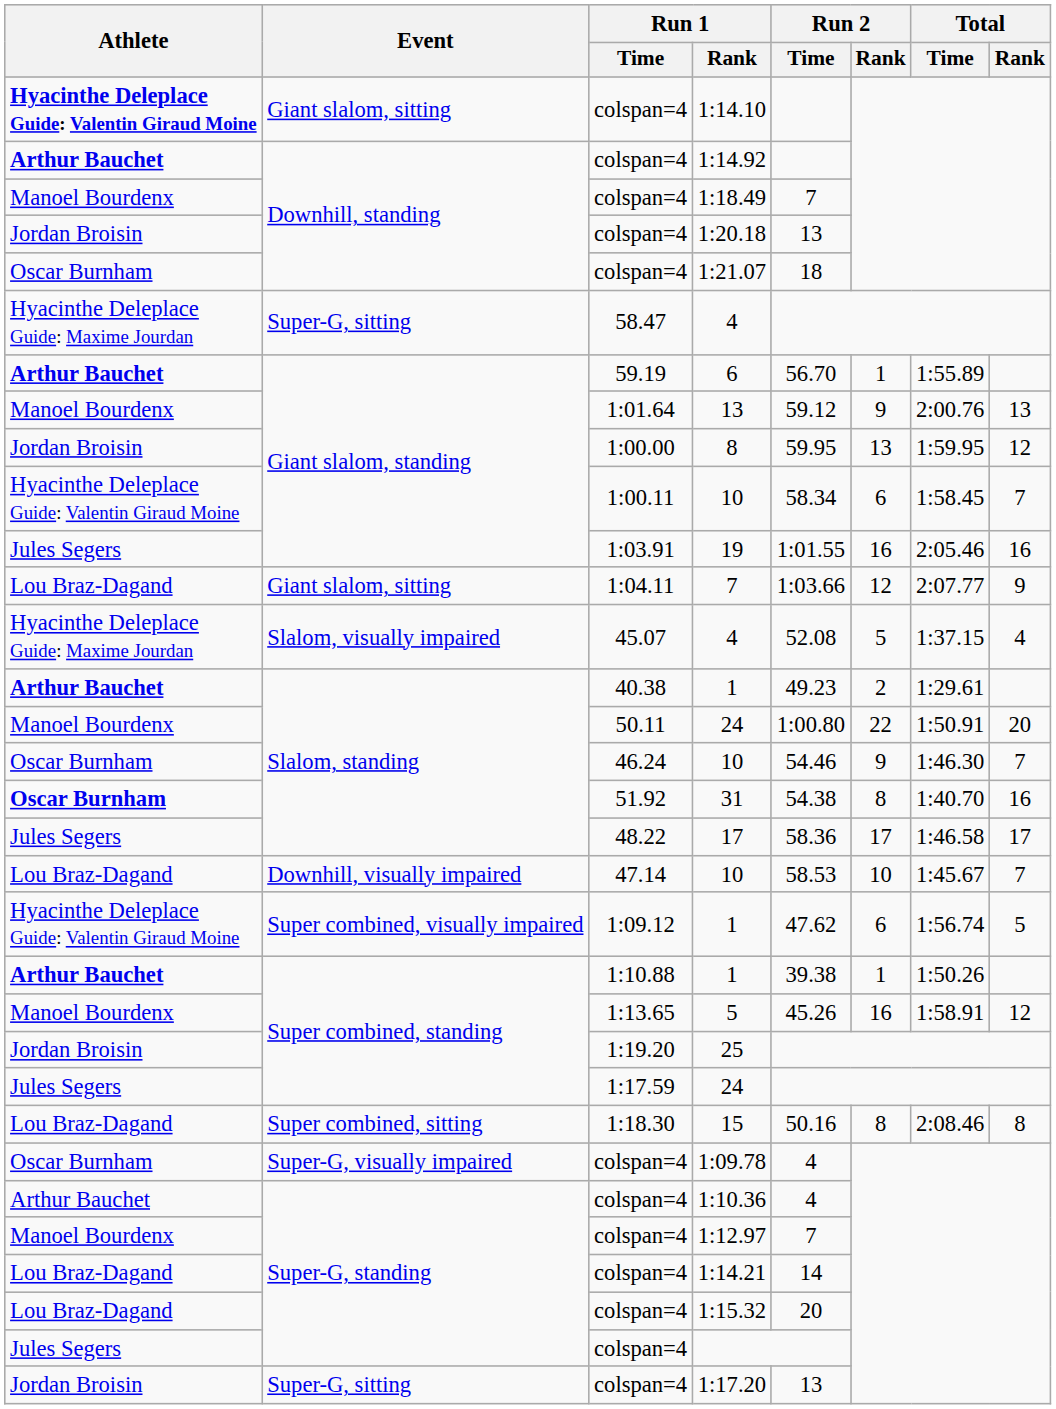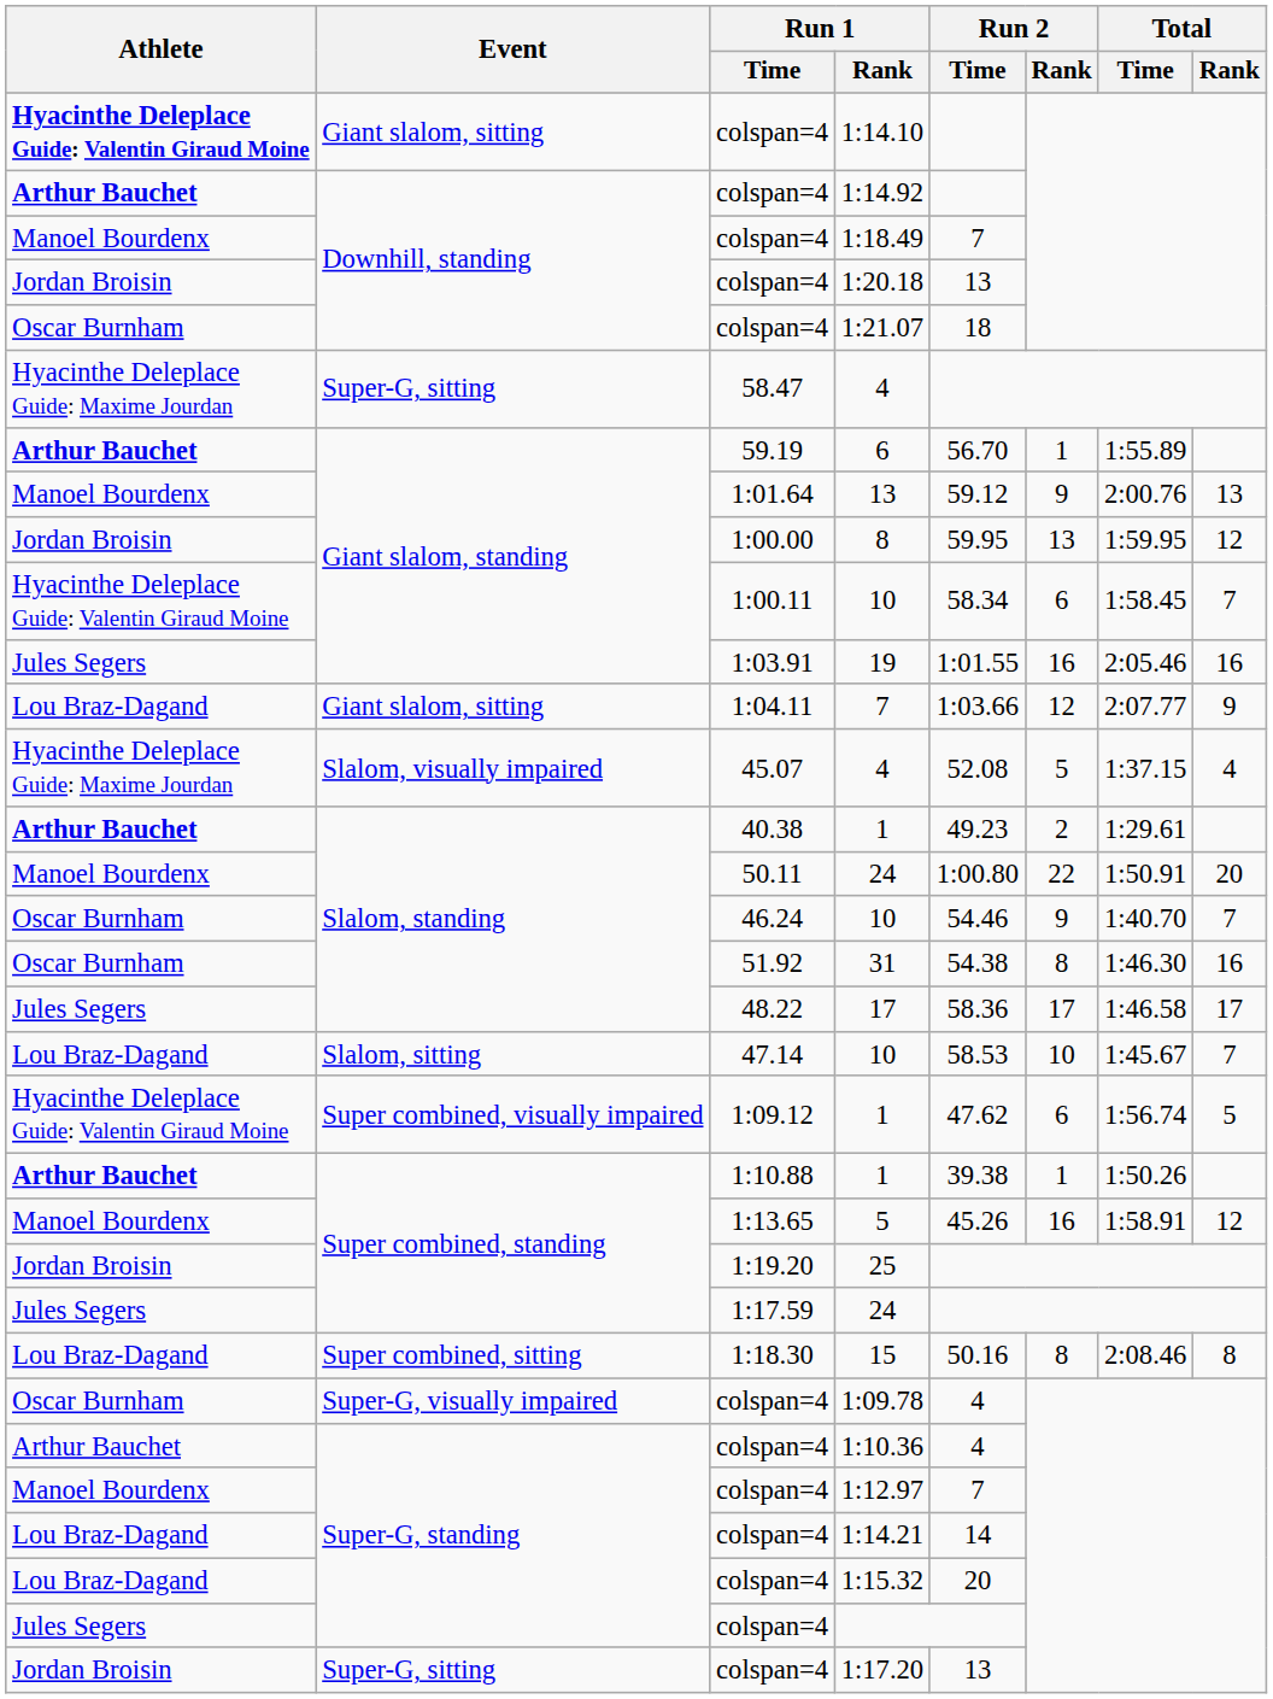 <table class="wikitable" style="font-size:90%">
 <tr>
 <th rowspan=2>Athlete</th>
 <th rowspan=2>Event</th>
 <th colspan=2>Run 1</th>
 <th colspan=2>Run 2</th>
 <th colspan=2>Total</th>
 </tr>
 <tr style="font-size:95%">
 <th>Time</th>
 <th>Rank</th>
 <th>Time</th>
 <th>Rank</th>
 <th>Time</th>
 <th>Rank</th>
 </tr>
 <tr align=center>
 <td align=left><strong><a href='#'>Hyacinthe Deleplace</a><br><small><a href='#'>Guide</a>: <a href='#'>Valentin Giraud Moine</a></small></strong></td>
 <td align=left><a href='#'>Giant slalom, sitting</a></td>
 <td>colspan=4 </td>
 <td>1:14.10</td>
 <td></td>
 </tr>
 <tr align=center>
 <td align=left><strong><a href='#'>Arthur Bauchet</a></strong></td>
 <td align=left rowspan=4><a href='#'>Downhill, standing</a></td>
 <td>colspan=4 </td>
 <td>1:14.92</td>
 <td></td>
 </tr>
 <tr align=center>
 <td align=left><a href='#'>Manoel Bourdenx</a></td>
 <td>colspan=4 </td>
 <td>1:18.49</td>
 <td>7</td>
 </tr>
 <tr align=center>
 <td align=left><a href='#'>Jordan Broisin</a></td>
 <td>colspan=4 </td>
 <td>1:20.18</td>
 <td>13</td>
 </tr>
 <tr align=center>
 <td align=left><a href='#'>Oscar Burnham</a></td>
 <td>colspan=4 </td>
 <td>1:21.07</td>
 <td>18</td>
 </tr>
 <tr align=center>
 <td align=left><a href='#'>Hyacinthe Deleplace</a><br><small><a href='#'>Guide</a>: <a href='#'>Maxime Jourdan</a></small></td>
 <td align=left><a href='#'>Super-G, sitting</a></td>
 <td>58.47</td>
 <td>4</td>
 <td colspan=4></td>
 </tr>
 <tr align=center>
 <td align=left><strong><a href='#'>Arthur Bauchet</a></strong></td>
 <td align=left rowspan=5><a href='#'>Giant slalom, standing</a></td>
 <td>59.19</td>
 <td>6</td>
 <td>56.70</td>
 <td>1</td>
 <td>1:55.89</td>
 <td></td>
 </tr>
 <tr align=center>
 <td align=left><a href='#'>Manoel Bourdenx</a></td>
 <td>1:01.64</td>
 <td>13</td>
 <td>59.12</td>
 <td>9</td>
 <td>2:00.76</td>
 <td>13</td>
 </tr>
 <tr align=center>
 <td align=left><a href='#'>Jordan Broisin</a></td>
 <td>1:00.00</td>
 <td>8</td>
 <td>59.95</td>
 <td>13</td>
 <td>1:59.95</td>
 <td>12</td>
 </tr>
 <tr align=center>
 <td align=left><a href='#'>Hyacinthe Deleplace</a><br><small><a href='#'>Guide</a>: <a href='#'>Valentin Giraud Moine</a></small></td>
 <td>1:00.11</td>
 <td>10</td>
 <td>58.34</td>
 <td>6</td>
 <td>1:58.45</td>
 <td>7</td>
 </tr>
 <tr align=center>
 <td align=left><a href='#'>Jules Segers</a></td>
 <td>1:03.91</td>
 <td>19</td>
 <td>1:01.55</td>
 <td>16</td>
 <td>2:05.46</td>
 <td>16</td>
 </tr>
 <tr align=center>
 <td align=left><a href='#'>Lou Braz-Dagand</a></td>
 <td align=left><a href='#'>Giant slalom, sitting</a></td>
 <td>1:04.11</td>
 <td>7</td>
 <td>1:03.66</td>
 <td>12</td>
 <td>2:07.77</td>
 <td>9</td>
 </tr>
 <tr align=center>
 <td align=left><a href='#'>Hyacinthe Deleplace</a><br><small><a href='#'>Guide</a>: <a href='#'>Maxime Jourdan</a></small></td>
 <td align=left><a href='#'>Slalom, visually impaired</a></td>
 <td>45.07</td>
 <td>4</td>
 <td>52.08</td>
 <td>5</td>
 <td>1:37.15</td>
 <td>4</td>
 </tr>
 <tr align=center>
 <td align=left><strong><a href='#'>Arthur Bauchet</a></strong></td>
 <td align=left rowspan=5><a href='#'>Slalom, standing</a></td>
 <td>40.38</td>
 <td>1</td>
 <td>49.23</td>
 <td>2</td>
 <td>1:29.61</td>
 <td></td>
 </tr>
 <tr align=center>
 <td align=left><a href='#'>Manoel Bourdenx</a></td>
 <td>50.11</td>
 <td>24</td>
 <td>1:00.80</td>
 <td>22</td>
 <td>1:50.91</td>
 <td>20</td>
 </tr>
 <tr align=center>
 <td align=left><a href='#'>Oscar Burnham</a></td>
 <td>46.24</td>
 <td>10</td>
 <td>54.46</td>
 <td>9</td>
-<td>1:46.30</td>
+<td>1:40.70</td>
 <td>7</td>
 </tr>
 <tr align=center>
-<td align=left><strong><a href='#'>Oscar Burnham</a></strong></td>
+<td align=left><a href='#'>Oscar Burnham</a></td>
 <td>51.92</td>
 <td>31</td>
 <td>54.38</td>
 <td>8</td>
-<td>1:40.70</td>
+<td>1:46.30</td>
 <td>16</td>
 </tr>
 <tr align=center>
 <td align=left><a href='#'>Jules Segers</a></td>
 <td>48.22</td>
 <td>17</td>
 <td>58.36</td>
 <td>17</td>
 <td>1:46.58</td>
 <td>17</td>
 </tr>
 <tr align=center>
 <td align=left><a href='#'>Lou Braz-Dagand</a></td>
-<td align=left><a href='#'>Downhill, visually impaired</a></td>
+<td align=left><a href='#'>Slalom, sitting</a></td>
 <td>47.14</td>
 <td>10</td>
 <td>58.53</td>
 <td>10</td>
 <td>1:45.67</td>
 <td>7</td>
 </tr>
 <tr align=center>
 <td align=left><a href='#'>Hyacinthe Deleplace</a><br><small><a href='#'>Guide</a>: <a href='#'>Valentin Giraud Moine</a></small></td>
 <td align=left><a href='#'>Super combined, visually impaired</a></td>
 <td>1:09.12</td>
 <td>1</td>
 <td>47.62</td>
 <td>6</td>
 <td>1:56.74</td>
 <td>5</td>
 </tr>
 <tr align=center>
 <td align=left><strong><a href='#'>Arthur Bauchet</a></strong></td>
 <td align=left rowspan=4><a href='#'>Super combined, standing</a></td>
 <td>1:10.88</td>
 <td>1</td>
 <td>39.38</td>
 <td>1</td>
 <td>1:50.26</td>
 <td></td>
 </tr>
 <tr align=center>
 <td align=left><a href='#'>Manoel Bourdenx</a></td>
 <td>1:13.65</td>
 <td>5</td>
 <td>45.26</td>
 <td>16</td>
 <td>1:58.91</td>
 <td>12</td>
 </tr>
 <tr align=center>
 <td align=left><a href='#'>Jordan Broisin</a></td>
 <td>1:19.20</td>
 <td>25</td>
 <td colspan=4></td>
 </tr>
 <tr align=center>
 <td align=left><a href='#'>Jules Segers</a></td>
 <td>1:17.59</td>
 <td>24</td>
 <td colspan=4></td>
 </tr>
 <tr align=center>
 <td align=left><a href='#'>Lou Braz-Dagand</a></td>
 <td align=left><a href='#'>Super combined, sitting</a></td>
 <td>1:18.30</td>
 <td>15</td>
 <td>50.16</td>
 <td>8</td>
 <td>2:08.46</td>
 <td>8</td>
 </tr>
 <tr align=center>
 <td align=left><a href='#'>Oscar Burnham</a></td>
 <td align=left><a href='#'>Super-G, visually impaired</a></td>
 <td>colspan=4 </td>
 <td>1:09.78</td>
 <td>4</td>
 </tr>
 <tr align=center>
 <td align=left><a href='#'>Arthur Bauchet</a></td>
 <td align=left rowspan=5><a href='#'>Super-G, standing</a></td>
 <td>colspan=4 </td>
 <td>1:10.36</td>
 <td>4</td>
 </tr>
 <tr align=center>
 <td align=left><a href='#'>Manoel Bourdenx</a></td>
 <td>colspan=4 </td>
 <td>1:12.97</td>
 <td>7</td>
 </tr>
 <tr align=center>
 <td align=left><a href='#'>Lou Braz-Dagand</a></td>
 <td>colspan=4 </td>
 <td>1:14.21</td>
 <td>14</td>
 </tr>
 <tr align=center>
 <td align=left><a href='#'>Lou Braz-Dagand</a></td>
 <td>colspan=4 </td>
 <td>1:15.32</td>
 <td>20</td>
 </tr>
 <tr align=center>
 <td align=left><a href='#'>Jules Segers</a></td>
 <td>colspan=4 </td>
 <td colspan=2></td>
 </tr>
 <tr align=center>
 <td align=left><a href='#'>Jordan Broisin</a></td>
 <td align=left><a href='#'>Super-G, sitting</a></td>
 <td>colspan=4 </td>
 <td>1:17.20</td>
 <td>13</td>
 </tr>
 </table>
